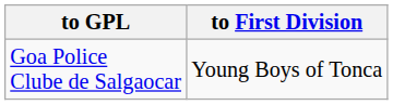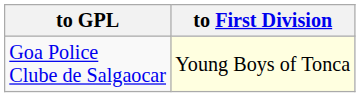 <table class="wikitable">
 <tr>
 <th> to GPL</th>
 <th> to <a href='#'>First Division</a></th>
 </tr>
 <tr>
 <td><a href='#'>Goa Police</a> <br> <a href='#'>Clube de Salgaocar</a></td>
-<td>Young Boys of Tonca <br></td>
+<td style="background: lightyellow;">Young Boys of Tonca <br></td>
 </tr>
 </table>
